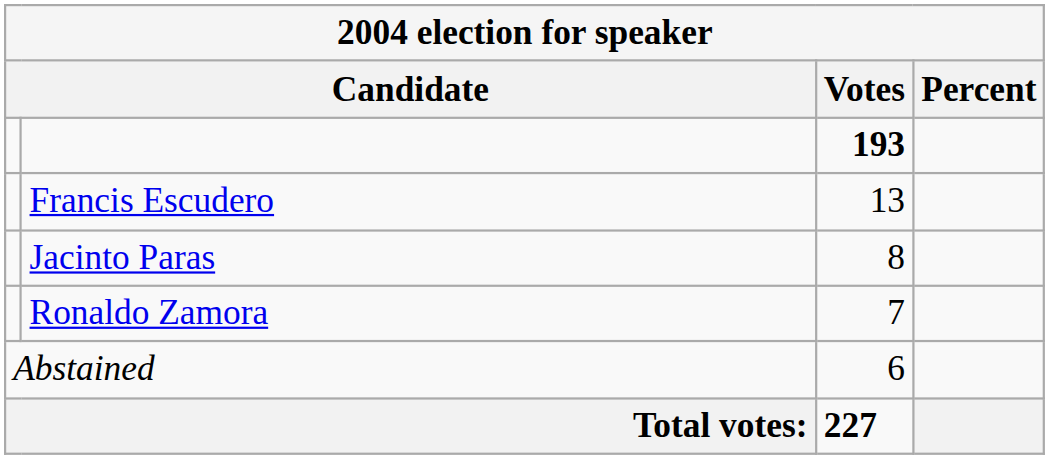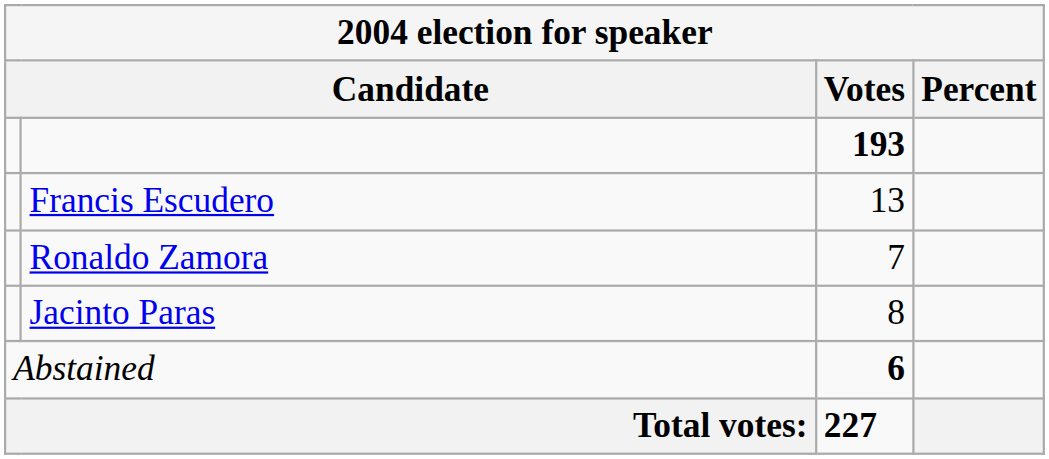 <table class="wikitable">
 <tr>
 <th colspan=4 style="background:#f5f5f5">2004 election for speaker </th>
 </tr>
 <tr>
 <th colspan=2>Candidate</th>
 <th>Votes</th>
 <th>Percent</th>
 </tr>
 <tr>
 <td style="background-color: "></td>
 <td style="width: 22em;"></td>
 <td style="text-align:right"><strong>193</strong></td>
 <td style="text-align:right"><strong></strong></td>
 </tr>
 <tr>
 <td style="background-color: "></td>
 <td {{nowrap><a href='#'>Francis Escudero</a> </td>
 <td style="text-align:right">13</td>
 <td style="text-align:right"></td>
 </tr>
 <tr>
 <td style="background-color: "></td>
+<td {{nowrap><a href='#'>Ronaldo Zamora</a> </td>
+<td style="text-align:right">7</td>
+<td style="text-align:right"></td>
+</tr>
+<tr>
+<td style="background-color: "></td>
 <td {{nowrap><a href='#'>Jacinto Paras</a> </td>
 <td style="text-align:right">8</td>
 <td style="text-align:right"></td>
 </tr>
 <tr>
-<td style="background-color: "></td>
-<td {{nowrap><a href='#'>Ronaldo Zamora</a> </td>
-<td style="text-align:right">7</td>
-<td style="text-align:right"></td>
-</tr>
-<tr>
 <td colspan=2><em>Abstained</em></td>
-<td style="text-align:right">6</td>
+<td style="text-align:right"><strong>6</strong></td>
 <td style="text-align:right"></td>
 </tr>
 <tr>
 <th colspan=2 style="text-align:right">Total votes:</th>
 <td><strong>227</strong></td>
 <th></th>
 </tr>
 </table>
